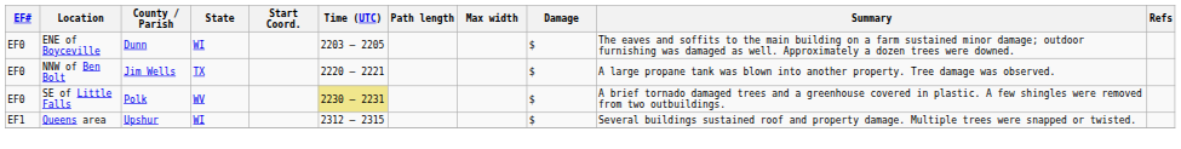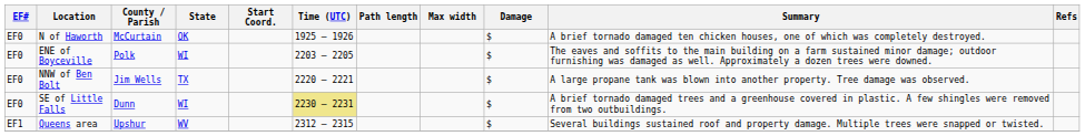 <table class="wikitable sortable" style="width:100%;">
 <tr>
 <th scope="col" width="3%" align="center"><a href='#'>EF#</a></th>
 <th scope="col" width="7%" align="center" class="unsortable">Location</th>
 <th scope="col" width="6%" align="center" class="unsortable">County / Parish</th>
 <th scope="col" width="5%" align="center">State</th>
 <th scope="col" width="6%" align="center">Start Coord.</th>
 <th scope="col" width="6%" align="center">Time (<a href='#'>UTC</a>)</th>
 <th scope="col" width="6%" align="center">Path length</th>
 <th scope="col" width="6%" align="center">Max width</th>
 <th scope="col" width="6%" align="center">Damage</th>
 <th scope="col" width="48%" class="unsortable" align="center">Summary</th>
 <th scope="col" width="48%" class="unsortable" align="center">Refs</th>
 </tr>
 <tr>
 <td>EF0</td>
+<td>N of <a href='#'>Haworth</a></td>
+<td><a href='#'>McCurtain</a></td>
+<td><a href='#'>OK</a></td>
+<td></td>
+<td>1925 – 1926</td>
+<td></td>
+<td></td>
+<td>$</td>
+<td>A brief tornado damaged ten chicken houses, one of which was completely destroyed.</td>
+<td></td>
+</tr>
+<tr>
+<td>EF0</td>
 <td>ENE of <a href='#'>Boyceville</a></td>
-<td><a href='#'>Dunn</a></td>
+<td><a href='#'>Polk</a></td>
 <td><a href='#'>WI</a></td>
 <td></td>
 <td>2203 – 2205</td>
 <td></td>
 <td></td>
 <td>$</td>
 <td>The eaves and soffits to the main building on a farm sustained minor damage; outdoor furnishing was damaged as well. Approximately a dozen trees were downed.</td>
 <td></td>
 </tr>
 <tr>
 <td>EF0</td>
 <td>NNW of <a href='#'>Ben Bolt</a></td>
 <td><a href='#'>Jim Wells</a></td>
 <td><a href='#'>TX</a></td>
 <td></td>
 <td>2220 – 2221</td>
 <td></td>
 <td></td>
 <td>$</td>
 <td>A large propane tank was blown into another property. Tree damage was observed.</td>
 <td></td>
 </tr>
 <tr>
 <td>EF0</td>
 <td>SE of <a href='#'>Little Falls</a></td>
-<td><a href='#'>Polk</a></td>
-<td><a href='#'>WV</a></td>
+<td><a href='#'>Dunn</a></td>
+<td><a href='#'>WI</a></td>
 <td></td>
 <td style="background: khaki;">2230 – 2231</td>
 <td></td>
 <td></td>
 <td>$</td>
 <td>A brief tornado damaged trees and a greenhouse covered in plastic. A few shingles were removed from two outbuildings.</td>
 <td></td>
 </tr>
 <tr>
 <td>EF1</td>
 <td><a href='#'>Queens</a> area</td>
 <td><a href='#'>Upshur</a></td>
-<td><a href='#'>WI</a></td>
+<td><a href='#'>WV</a></td>
 <td></td>
 <td>2312 – 2315</td>
 <td></td>
 <td></td>
 <td>$</td>
 <td>Several buildings sustained roof and property damage. Multiple trees were snapped or twisted.</td>
 <td></td>
 </tr>
 <tr>
 </tr>
 </table>
